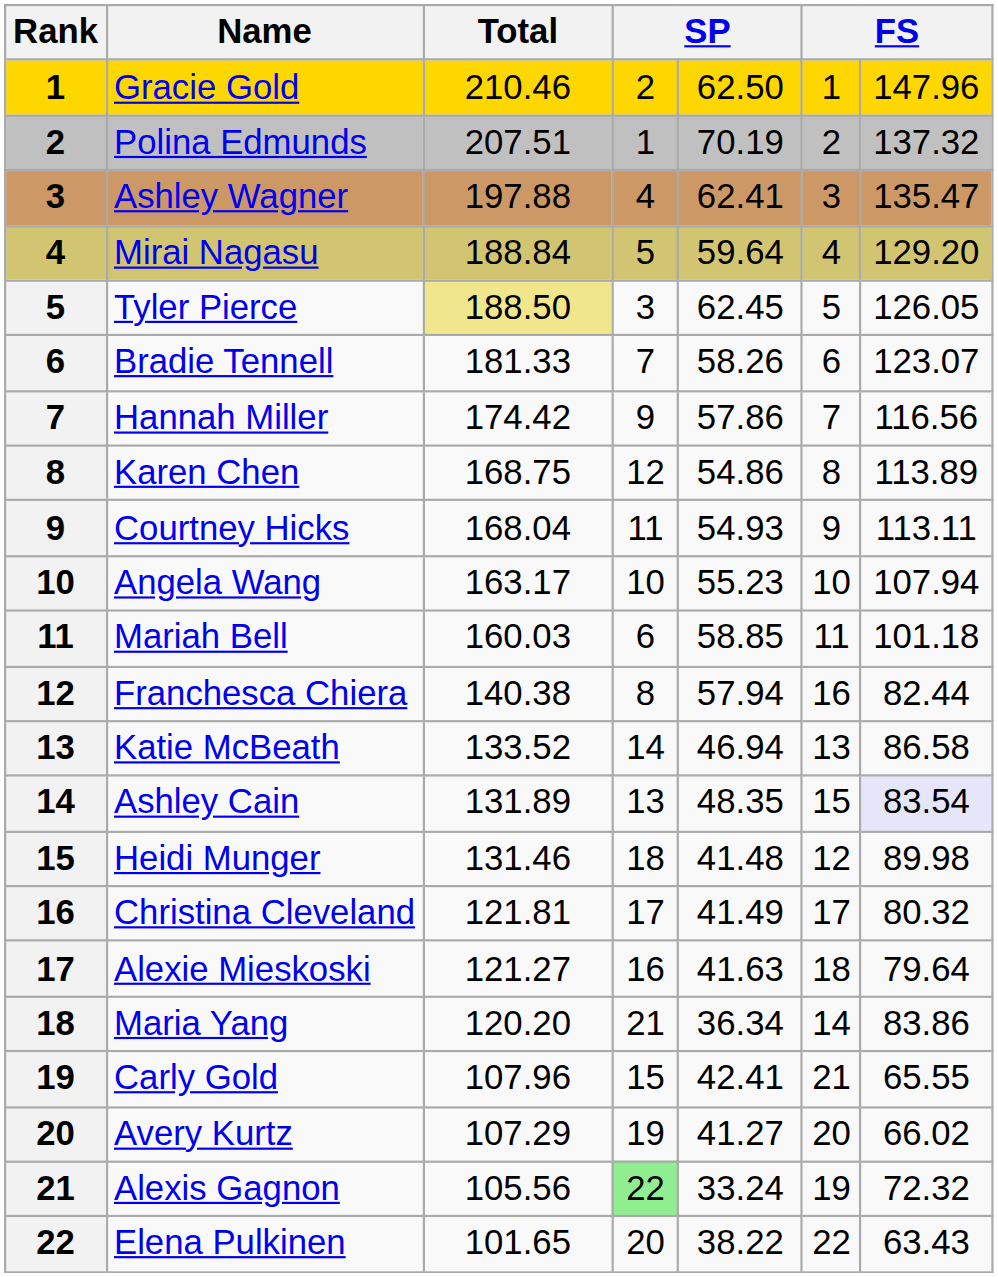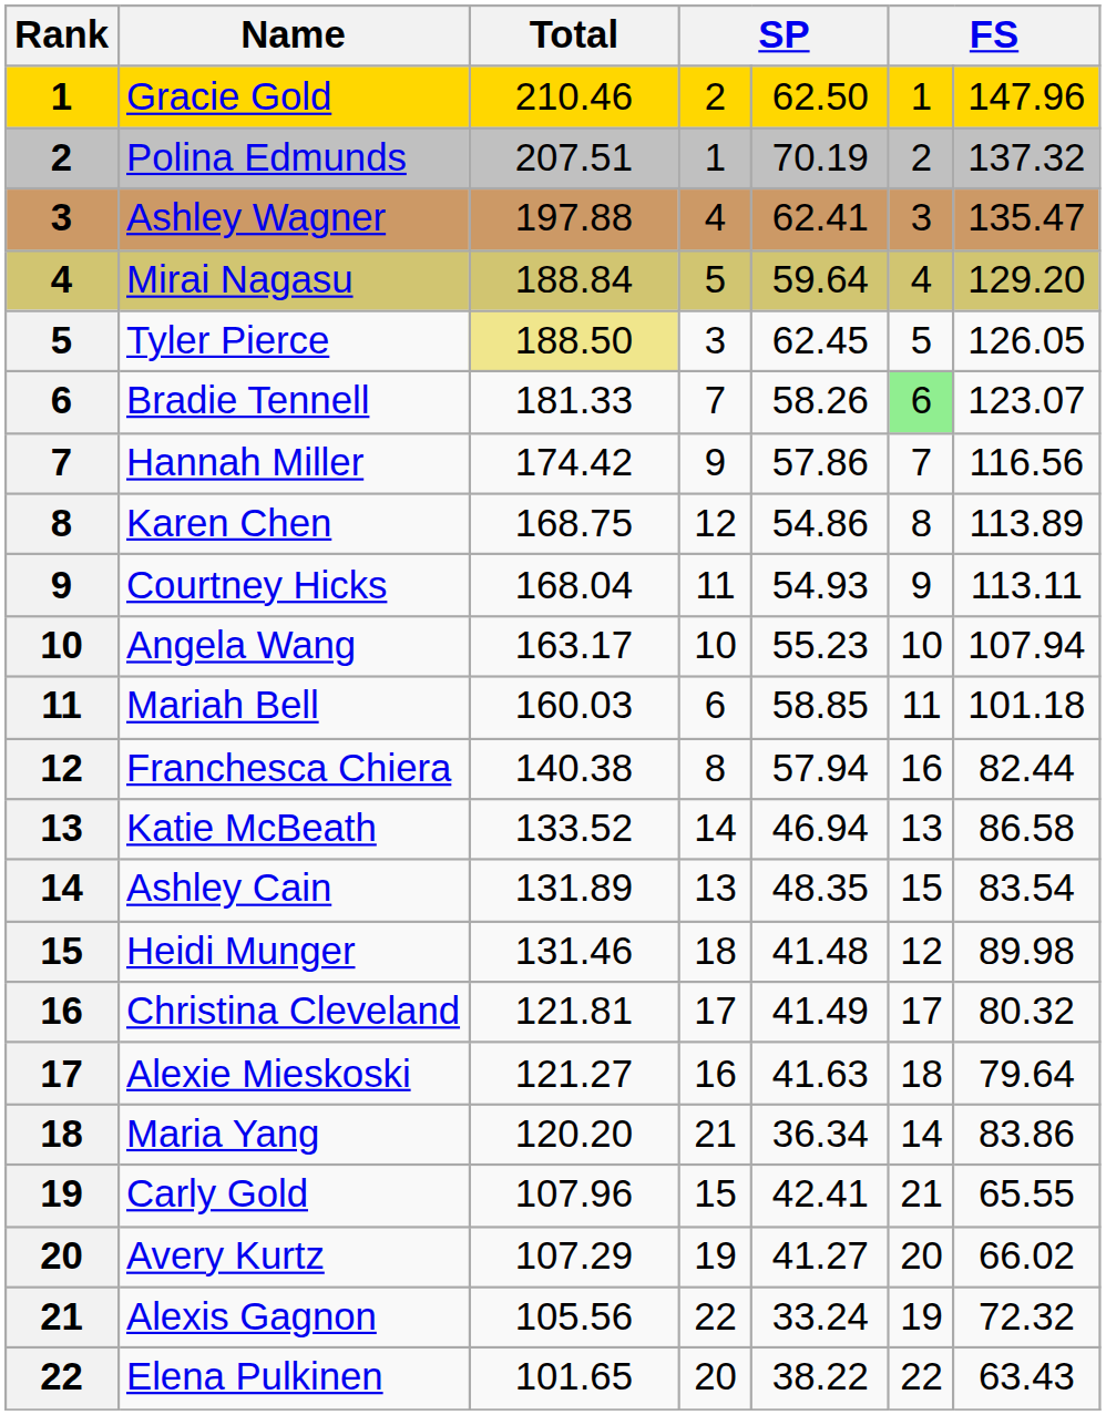 <table class="wikitable sortable">
 <tr>
 <th>Rank</th>
 <th>Name</th>
 <th width="80px">Total</th>
 <th colspan="2" width="80px"><a href='#'>SP</a></th>
 <th colspan="2" width="80px"><a href='#'>FS</a></th>
 </tr>
 <tr bgcolor="gold">
 <td align="center"><strong>1</strong></td>
 <td><a href='#'>Gracie Gold</a></td>
 <td align="center">210.46</td>
 <td align="center">2</td>
 <td align="center">62.50</td>
 <td align="center">1</td>
 <td align="center">147.96</td>
 </tr>
 <tr bgcolor="silver">
 <td align="center"><strong>2</strong></td>
 <td><a href='#'>Polina Edmunds</a></td>
 <td align="center">207.51</td>
 <td align="center">1</td>
 <td align="center">70.19</td>
 <td align="center">2</td>
 <td align="center">137.32</td>
 </tr>
 <tr bgcolor="cc9966">
 <td align="center"><strong>3</strong></td>
 <td><a href='#'>Ashley Wagner</a></td>
 <td align="center">197.88</td>
 <td align="center">4</td>
 <td align="center">62.41</td>
 <td align="center">3</td>
 <td align="center">135.47</td>
 </tr>
 <tr bgcolor="#d1c571">
 <td align="center"><strong>4</strong></td>
 <td><a href='#'>Mirai Nagasu</a></td>
 <td align="center">188.84</td>
 <td align="center">5</td>
 <td align="center">59.64</td>
 <td align="center">4</td>
 <td align="center">129.20</td>
 </tr>
 <tr>
 <th>5</th>
 <td><a href='#'>Tyler Pierce</a></td>
 <td align="center" style="background: khaki;">188.50</td>
 <td align="center">3</td>
 <td align="center">62.45</td>
 <td align="center">5</td>
 <td align="center">126.05</td>
 </tr>
 <tr>
 <th>6</th>
 <td><a href='#'>Bradie Tennell</a></td>
 <td align="center">181.33</td>
 <td align="center">7</td>
 <td align="center">58.26</td>
-<td align="center">6</td>
+<td align="center" style="background: lightgreen;">6</td>
 <td align="center">123.07</td>
 </tr>
 <tr>
 <th>7</th>
 <td><a href='#'>Hannah Miller</a></td>
 <td align="center">174.42</td>
 <td align="center">9</td>
 <td align="center">57.86</td>
 <td align="center">7</td>
 <td align="center">116.56</td>
 </tr>
 <tr>
 <th>8</th>
 <td><a href='#'>Karen Chen</a></td>
 <td align="center">168.75</td>
 <td align="center">12</td>
 <td align="center">54.86</td>
 <td align="center">8</td>
 <td align="center">113.89</td>
 </tr>
 <tr>
 <th>9</th>
 <td><a href='#'>Courtney Hicks</a></td>
 <td align="center">168.04</td>
 <td align="center">11</td>
 <td align="center">54.93</td>
 <td align="center">9</td>
 <td align="center">113.11</td>
 </tr>
 <tr>
 <th>10</th>
 <td><a href='#'>Angela Wang</a></td>
 <td align="center">163.17</td>
 <td align="center">10</td>
 <td align="center">55.23</td>
 <td align="center">10</td>
 <td align="center">107.94</td>
 </tr>
 <tr>
 <th>11</th>
 <td><a href='#'>Mariah Bell</a></td>
 <td align="center">160.03</td>
 <td align="center">6</td>
 <td align="center">58.85</td>
 <td align="center">11</td>
 <td align="center">101.18</td>
 </tr>
 <tr>
 <th>12</th>
 <td><a href='#'>Franchesca Chiera</a></td>
 <td align="center">140.38</td>
 <td align="center">8</td>
 <td align="center">57.94</td>
 <td align="center">16</td>
 <td align="center">82.44</td>
 </tr>
 <tr>
 <th>13</th>
 <td><a href='#'>Katie McBeath</a></td>
 <td align="center">133.52</td>
 <td align="center">14</td>
 <td align="center">46.94</td>
 <td align="center">13</td>
 <td align="center">86.58</td>
 </tr>
 <tr>
 <th>14</th>
 <td><a href='#'>Ashley Cain</a></td>
 <td align="center">131.89</td>
 <td align="center">13</td>
 <td align="center">48.35</td>
 <td align="center">15</td>
-<td align="center" style="background: lavender;">83.54</td>
+<td align="center">83.54</td>
 </tr>
 <tr>
 <th>15</th>
 <td><a href='#'>Heidi Munger</a></td>
 <td align="center">131.46</td>
 <td align="center">18</td>
 <td align="center">41.48</td>
 <td align="center">12</td>
 <td align="center">89.98</td>
 </tr>
 <tr>
 <th>16</th>
 <td><a href='#'>Christina Cleveland</a></td>
 <td align="center">121.81</td>
 <td align="center">17</td>
 <td align="center">41.49</td>
 <td align="center">17</td>
 <td align="center">80.32</td>
 </tr>
 <tr>
 <th>17</th>
 <td><a href='#'>Alexie Mieskoski</a></td>
 <td align="center">121.27</td>
 <td align="center">16</td>
 <td align="center">41.63</td>
 <td align="center">18</td>
 <td align="center">79.64</td>
 </tr>
 <tr>
 <th>18</th>
 <td><a href='#'>Maria Yang</a></td>
 <td align="center">120.20</td>
 <td align="center">21</td>
 <td align="center">36.34</td>
 <td align="center">14</td>
 <td align="center">83.86</td>
 </tr>
 <tr>
 <th>19</th>
 <td><a href='#'>Carly Gold</a></td>
 <td align="center">107.96</td>
 <td align="center">15</td>
 <td align="center">42.41</td>
 <td align="center">21</td>
 <td align="center">65.55</td>
 </tr>
 <tr>
 <th>20</th>
 <td><a href='#'>Avery Kurtz</a></td>
 <td align="center">107.29</td>
 <td align="center">19</td>
 <td align="center">41.27</td>
 <td align="center">20</td>
 <td align="center">66.02</td>
 </tr>
 <tr>
 <th>21</th>
 <td><a href='#'>Alexis Gagnon</a></td>
 <td align="center">105.56</td>
-<td align="center" style="background: lightgreen;">22</td>
+<td align="center">22</td>
 <td align="center">33.24</td>
 <td align="center">19</td>
 <td align="center">72.32</td>
 </tr>
 <tr>
 <th>22</th>
 <td><a href='#'>Elena Pulkinen</a></td>
 <td align="center">101.65</td>
 <td align="center">20</td>
 <td align="center">38.22</td>
 <td align="center">22</td>
 <td align="center">63.43</td>
 </tr>
 </table>
